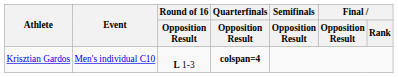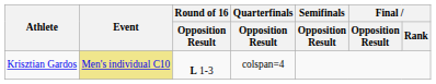 <table class=wikitable style="font-size:90%">
 <tr align=center>
 <th rowspan="2">Athlete</th>
 <th rowspan="2">Event</th>
 <th>Round of 16</th>
 <th>Quarterfinals</th>
 <th>Semifinals</th>
 <th colspan="2">Final / </th>
 </tr>
 <tr>
 <th>Opposition<br>Result</th>
 <th>Opposition<br>Result</th>
 <th>Opposition<br>Result</th>
 <th>Opposition<br>Result</th>
 <th>Rank</th>
 </tr>
 <tr align=center>
 <td align=left><a href='#'>Krisztian Gardos</a></td>
-<td align=left><a href='#'>Men's individual C10</a></td>
+<td align=left style="background: khaki;"><a href='#'>Men's individual C10</a></td>
 <td><br><strong>L</strong> 1-3</td>
-<td><strong>colspan=4 </strong></td>
+<td>colspan=4 </td>
 </tr>
 </table>
